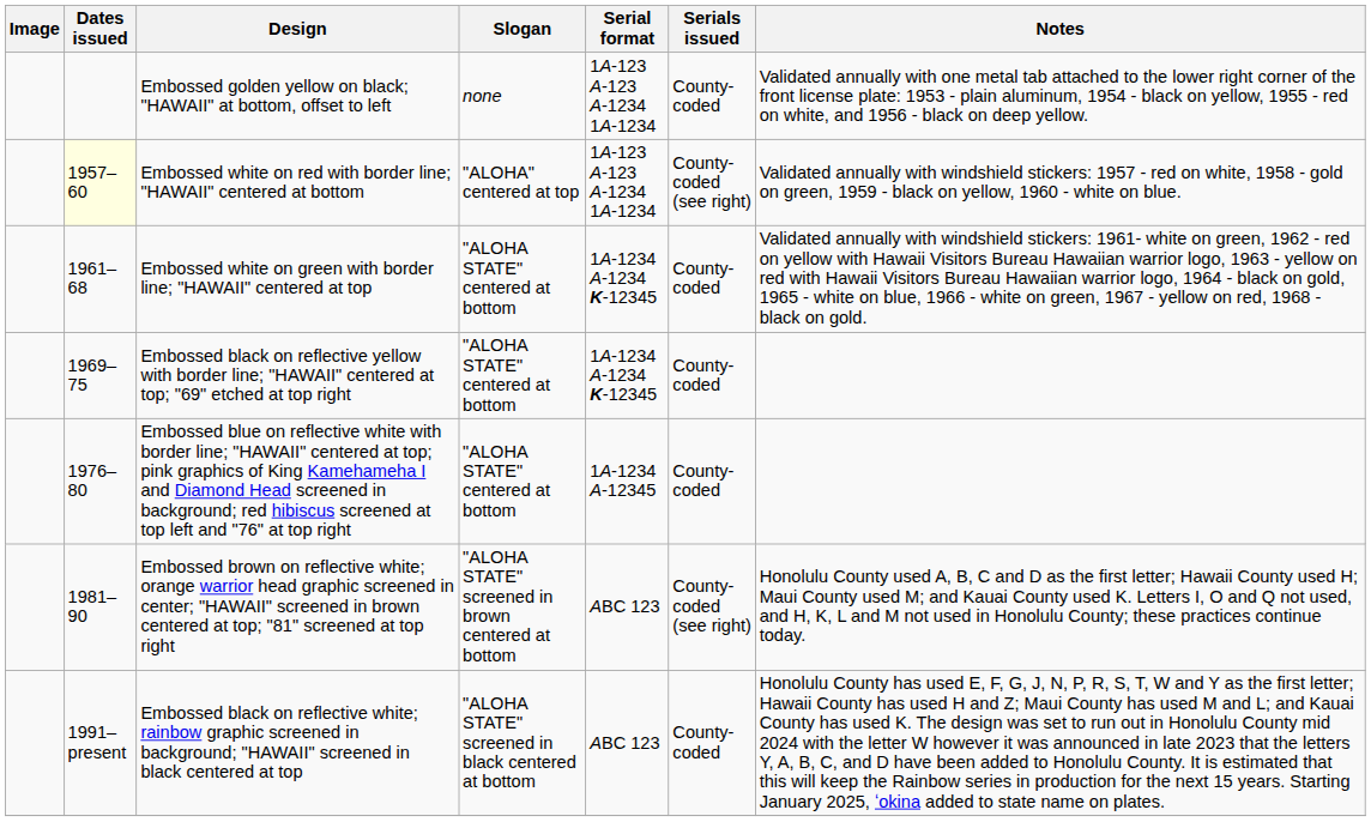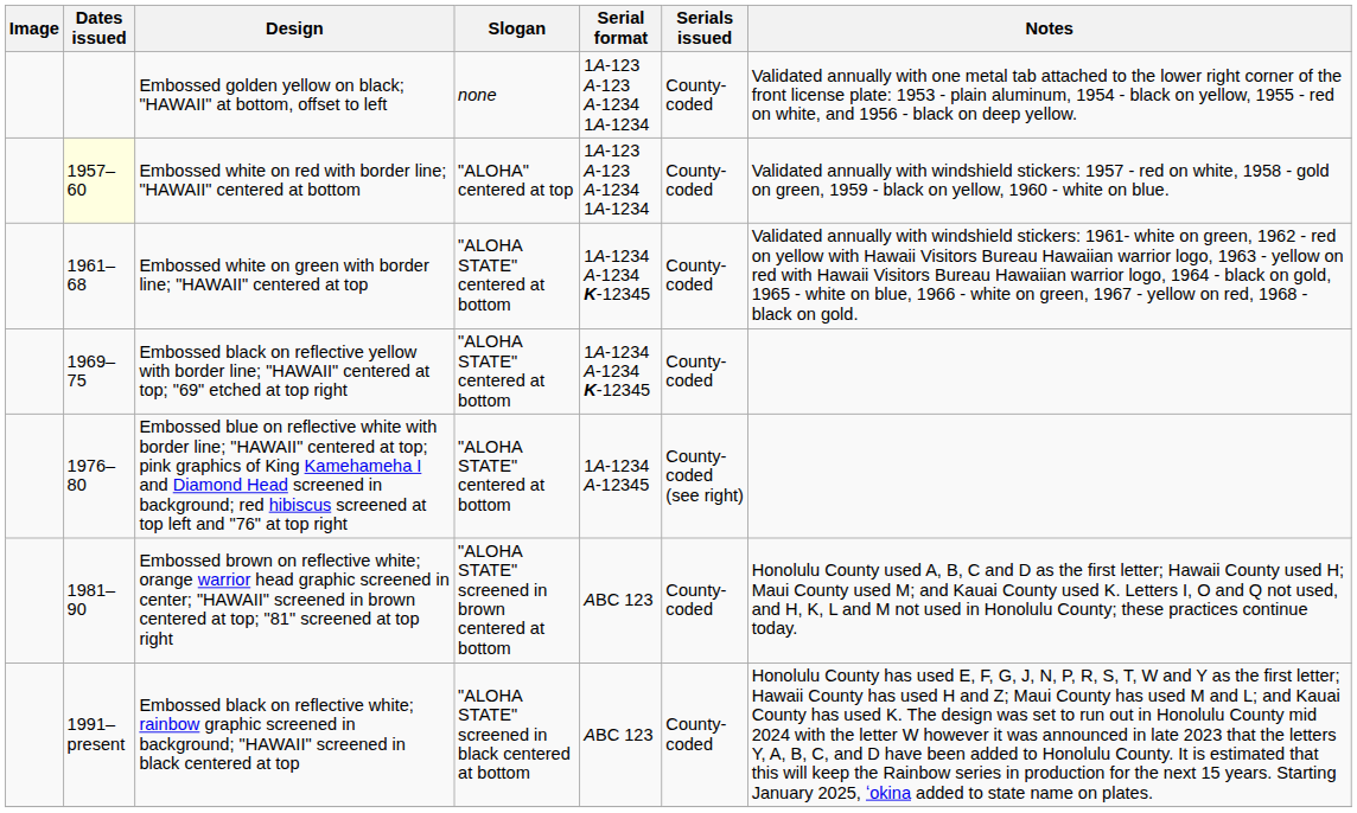 <table class=wikitable>
 <tr>
 <th>Image</th>
 <th>Dates issued</th>
 <th>Design</th>
 <th>Slogan</th>
 <th>Serial format</th>
 <th>Serials issued</th>
 <th>Notes</th>
 </tr>
 <tr>
 <td><br><br><br></td>
 <td></td>
 <td>Embossed golden yellow on black; "HAWAII" at bottom, offset to left</td>
 <td><em>none</em></td>
 <td>1<em>A</em>-123<br><em>A</em>-123<br><em>A</em>-1234<br>1<em>A</em>-1234</td>
 <td>County-coded</td>
 <td>Validated annually with one metal tab attached to the lower right corner of the front license plate: 1953 - plain aluminum, 1954 - black on yellow, 1955 - red on white, and 1956 - black on deep yellow.</td>
 </tr>
 <tr>
 <td></td>
 <td style="background: lightyellow;">1957–60</td>
 <td>Embossed white on red with border line; "HAWAII" centered at bottom</td>
 <td>"ALOHA" centered at top</td>
 <td>1<em>A</em>-123<br><em>A</em>-123<br><em>A</em>-1234<br>1<em>A</em>-1234</td>
-<td>County-coded (see right)</td>
+<td>County-coded</td>
 <td>Validated annually with windshield stickers: 1957 - red on white, 1958 - gold on green, 1959 - black on yellow, 1960 - white on blue.</td>
 </tr>
 <tr>
 <td></td>
 <td>1961–68</td>
 <td>Embossed white on green with border line; "HAWAII" centered at top</td>
 <td>"ALOHA STATE" centered at bottom</td>
 <td>1<em>A</em>-1234<br><em>A</em>-1234<br><strong><em>K</em></strong>-12345</td>
 <td>County-coded</td>
 <td>Validated annually with windshield stickers: 1961- white on green, 1962 - red on yellow with Hawaii Visitors Bureau Hawaiian warrior logo, 1963 - yellow on red with Hawaii Visitors Bureau Hawaiian warrior logo, 1964 - black on gold, 1965 - white on blue, 1966 - white on green, 1967 - yellow on red, 1968 - black on gold.</td>
 </tr>
 <tr>
 <td></td>
 <td>1969–75</td>
 <td>Embossed black on reflective yellow with border line; "HAWAII" centered at top; "69" etched at top right</td>
 <td>"ALOHA STATE" centered at bottom</td>
 <td>1<em>A</em>-1234<br><em>A</em>-1234<br><strong><em>K</em></strong>-12345</td>
 <td>County-coded</td>
 <td></td>
 </tr>
 <tr>
 <td></td>
 <td>1976–80</td>
 <td>Embossed blue on reflective white with border line; "HAWAII" centered at top; pink graphics of King <a href='#'>Kamehameha I</a> and <a href='#'>Diamond Head</a> screened in background; red <a href='#'>hibiscus</a> screened at top left and "76" at top right</td>
 <td>"ALOHA STATE" centered at bottom</td>
 <td>1<em>A</em>-1234<br><em>A</em>-12345</td>
-<td>County-coded</td>
+<td>County-coded (see right)</td>
 <td></td>
 </tr>
 <tr>
 <td></td>
 <td>1981–90</td>
 <td>Embossed brown on reflective white; orange <a href='#'>warrior</a> head graphic screened in center; "HAWAII" screened in brown centered at top; "81" screened at top right</td>
 <td>"ALOHA STATE" screened in brown centered at bottom</td>
 <td><em>A</em>BC 123</td>
-<td>County-coded (see right)</td>
+<td>County-coded</td>
 <td>Honolulu County used A, B, C and D as the first letter; Hawaii County used H; Maui County used M; and Kauai County used K. Letters I, O and Q not used, and H, K, L and M not used in Honolulu County; these practices continue today.</td>
 </tr>
 <tr>
 <td></td>
 <td>1991–present</td>
 <td>Embossed black on reflective white; <a href='#'>rainbow</a> graphic screened in background; "HAWAII" screened in black centered at top</td>
 <td>"ALOHA STATE" screened in black centered at bottom</td>
 <td><em>A</em>BC 123</td>
 <td>County-coded</td>
 <td>Honolulu County has used E, F, G, J, N, P, R, S, T, W and Y as the first letter; Hawaii County has used H and Z; Maui County has used M and L; and Kauai County has used K. The design was set to run out in Honolulu County mid 2024 with the letter W however it was announced in late 2023 that the letters Y, A, B, C, and D have been added to Honolulu County.  It is estimated that this will keep the Rainbow series in production for the next 15 years. Starting January 2025, <a href='#'>ʻokina</a> added to state name on plates.</td>
 </tr>
 <tr>
 </tr>
 </table>
